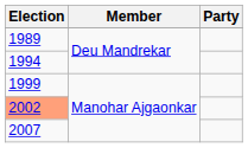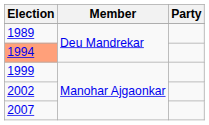 <table class="wikitable sortable">
 <tr>
 <th>Election</th>
 <th>Member</th>
 <th colspan=2>Party</th>
 </tr>
 <tr>
 </tr>
 <tr>
 <td><a href='#'>1989</a></td>
 <td rowspan=2><a href='#'>Deu Mandrekar</a></td>
 <td></td>
 </tr>
 <tr>
-<td><a href='#'>1994</a></td>
+<td style="background: lightsalmon;"><a href='#'>1994</a></td>
 </tr>
 <tr>
 <td><a href='#'>1999</a></td>
 <td rowspan=3><a href='#'>Manohar Ajgaonkar</a></td>
 <td></td>
 </tr>
 <tr>
-<td style="background: lightsalmon;"><a href='#'>2002</a></td>
+<td><a href='#'>2002</a></td>
 <td></td>
 </tr>
 <tr>
 <td><a href='#'>2007</a></td>
 <td></td>
 </tr>
 </table>
